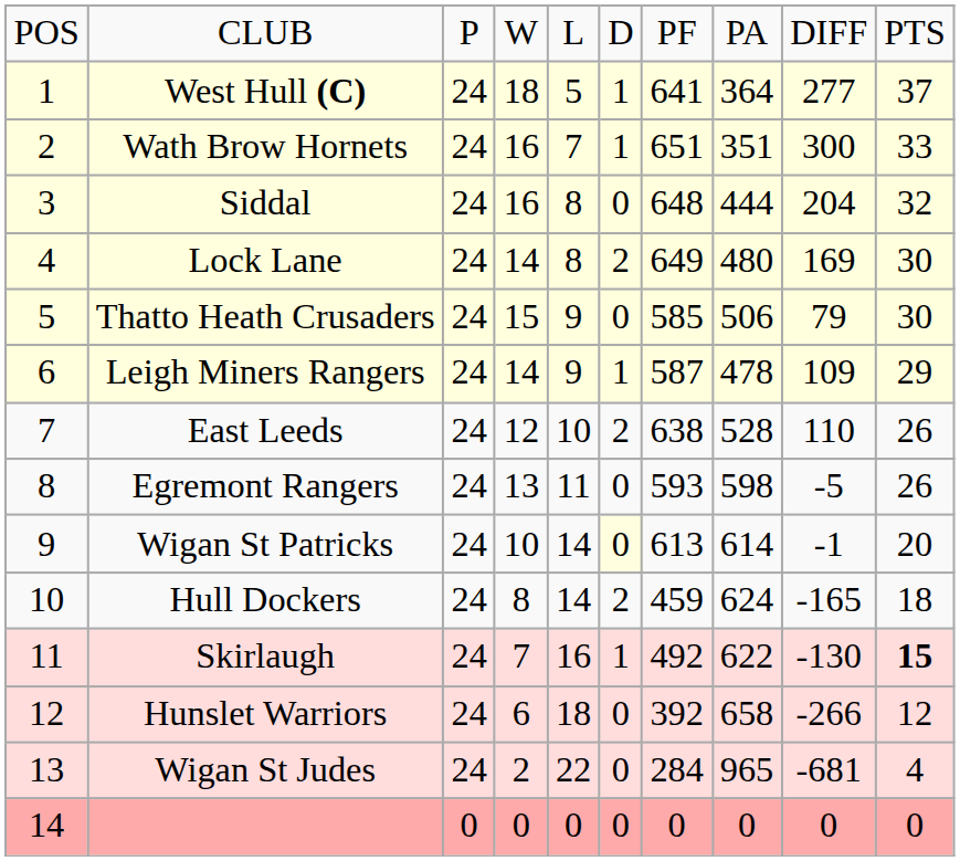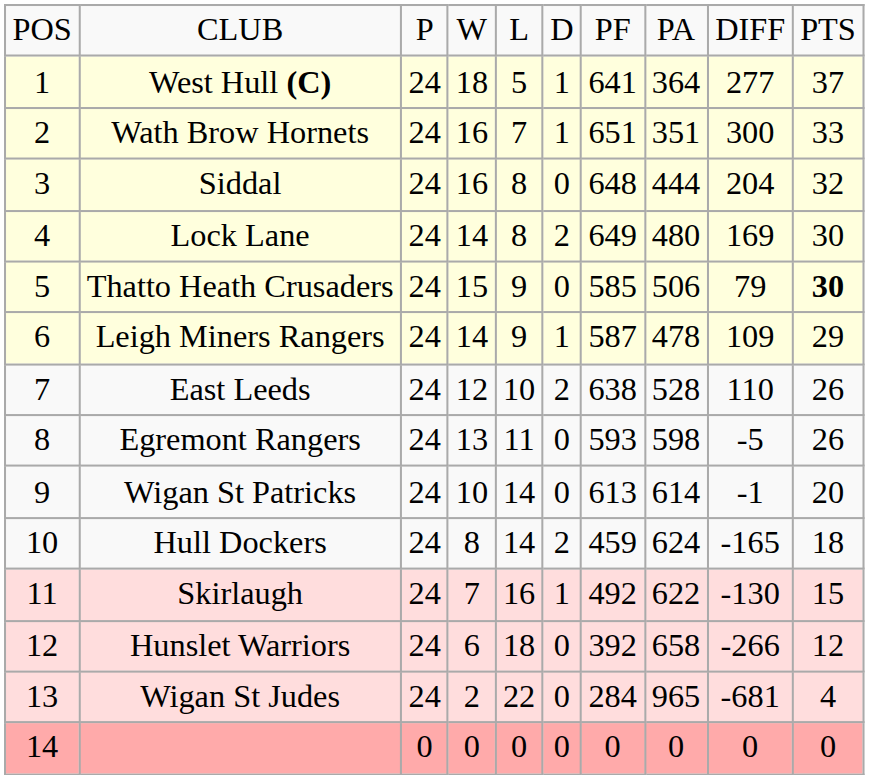 <table class="wikitable" style="text-align: center;">
 <tr>
 <td>POS</td>
 <td>CLUB</td>
 <td>P</td>
 <td>W</td>
 <td>L</td>
 <td>D</td>
 <td>PF</td>
 <td>PA</td>
 <td>DIFF</td>
 <td>PTS</td>
 </tr>
 <tr style="background:#ffffdd;">
 <td>1</td>
 <td>West Hull <strong>(C)</strong></td>
 <td>24</td>
 <td>18</td>
 <td>5</td>
 <td>1</td>
 <td>641</td>
 <td>364</td>
 <td>277</td>
 <td>37</td>
 </tr>
 <tr style="background:#ffffdd;">
 <td>2</td>
 <td>Wath Brow Hornets</td>
 <td>24</td>
 <td>16</td>
 <td>7</td>
 <td>1</td>
 <td>651</td>
 <td>351</td>
 <td>300</td>
 <td>33</td>
 </tr>
 <tr style="background:#ffffdd;">
 <td>3</td>
 <td>Siddal</td>
 <td>24</td>
 <td>16</td>
 <td>8</td>
 <td>0</td>
 <td>648</td>
 <td>444</td>
 <td>204</td>
 <td>32</td>
 </tr>
 <tr style="background:#ffffdd;">
 <td>4</td>
 <td>Lock Lane</td>
 <td>24</td>
 <td>14</td>
 <td>8</td>
 <td>2</td>
 <td>649</td>
 <td>480</td>
 <td>169</td>
 <td>30</td>
 </tr>
 <tr style="background:#ffffdd;">
 <td>5</td>
 <td>Thatto Heath Crusaders</td>
 <td>24</td>
 <td>15</td>
 <td>9</td>
 <td>0</td>
 <td>585</td>
 <td>506</td>
 <td>79</td>
-<td>30</td>
+<td><strong>30</strong></td>
 </tr>
 <tr style="background:#ffffdd;">
 <td>6</td>
 <td>Leigh Miners Rangers</td>
 <td>24</td>
 <td>14</td>
 <td>9</td>
 <td>1</td>
 <td>587</td>
 <td>478</td>
 <td>109</td>
 <td>29</td>
 </tr>
 <tr>
 <td>7</td>
 <td>East Leeds</td>
 <td>24</td>
 <td>12</td>
 <td>10</td>
 <td>2</td>
 <td>638</td>
 <td>528</td>
 <td>110</td>
 <td>26</td>
 </tr>
 <tr>
 <td>8</td>
 <td>Egremont Rangers</td>
 <td>24</td>
 <td>13</td>
 <td>11</td>
 <td>0</td>
 <td>593</td>
 <td>598</td>
 <td>-5</td>
 <td>26</td>
 </tr>
 <tr>
 <td>9</td>
 <td>Wigan St Patricks</td>
 <td>24</td>
 <td>10</td>
 <td>14</td>
-<td style="background: lightyellow;">0</td>
+<td>0</td>
 <td>613</td>
 <td>614</td>
 <td>-1</td>
 <td>20</td>
 </tr>
 <tr>
 <td>10</td>
 <td>Hull Dockers</td>
 <td>24</td>
 <td>8</td>
 <td>14</td>
 <td>2</td>
 <td>459</td>
 <td>624</td>
 <td>-165</td>
 <td>18</td>
 </tr>
 <tr style="background:#ffdddd;">
 <td>11</td>
 <td>Skirlaugh</td>
 <td>24</td>
 <td>7</td>
 <td>16</td>
 <td>1</td>
 <td>492</td>
 <td>622</td>
 <td>-130</td>
-<td><strong>15</strong></td>
+<td>15</td>
 </tr>
 <tr style="background:#ffdddd;">
 <td>12</td>
 <td>Hunslet Warriors</td>
 <td>24</td>
 <td>6</td>
 <td>18</td>
 <td>0</td>
 <td>392</td>
 <td>658</td>
 <td>-266</td>
 <td>12</td>
 </tr>
 <tr style="background:#ffdddd;">
 <td>13</td>
 <td>Wigan St Judes</td>
 <td>24</td>
 <td>2</td>
 <td>22</td>
 <td>0</td>
 <td>284</td>
 <td>965</td>
 <td>-681</td>
 <td>4</td>
 </tr>
 <tr style="background:#ffaaaa;">
 <td>14</td>
 <td></td>
 <td>0</td>
 <td>0</td>
 <td>0</td>
 <td>0</td>
 <td>0</td>
 <td>0</td>
 <td>0</td>
 <td>0</td>
 </tr>
 </table>
